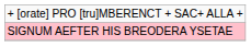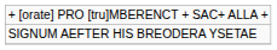 <table class="wikitable">
 <tr>
 <td>+ [orate] PRO [tru]MBERENCT + SAC+ ALLA +</td>
 </tr>
 <tr>
-<td style="background: pink;">SIGNUM AEFTER HIS BREODERA YSETAE</td>
+<td>SIGNUM AEFTER HIS BREODERA YSETAE</td>
 </tr>
 <tr>
 </tr>
 </table>
